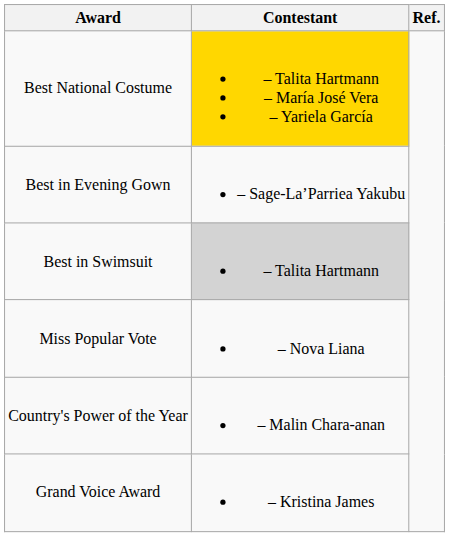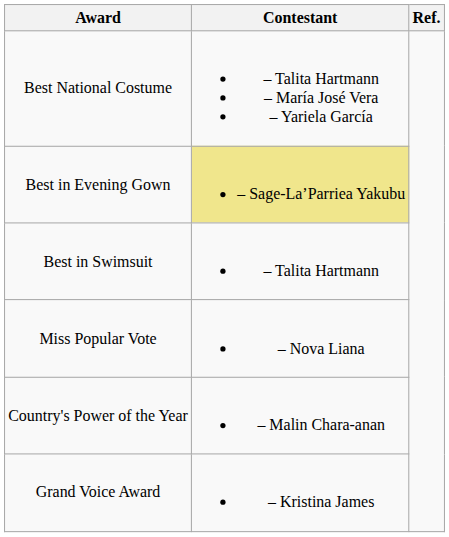 <table class="wikitable" style="font-size: 95%; text-align:center">
 <tr>
 <th>Award</th>
 <th>Contestant</th>
 <th>Ref.</th>
 </tr>
 <tr>
 <td>Best National Costume</td>
-<td style="background: gold;"><br><ul><li> – Talita Hartmann</li><li> – María José Vera</li><li> – Yariela García</li></ul></td>
+<td><br><ul><li> – Talita Hartmann</li><li> – María José Vera</li><li> – Yariela García</li></ul></td>
 <td rowspan="6"></td>
 </tr>
 <tr>
 <td>Best in Evening Gown</td>
-<td><br><ul><li> – Sage-La’Parriea Yakubu</li></ul></td>
+<td style="background: khaki;"><br><ul><li> – Sage-La’Parriea Yakubu</li></ul></td>
 </tr>
 <tr>
 <td>Best in Swimsuit</td>
-<td style="background: lightgrey;"><br><ul><li> – Talita Hartmann</li></ul></td>
+<td><br><ul><li> – Talita Hartmann</li></ul></td>
 </tr>
 <tr>
 <td>Miss Popular Vote</td>
 <td><br><ul><li> – Nova Liana</li></ul></td>
 </tr>
 <tr>
 <td>Country's Power of the Year</td>
 <td><br><ul><li> – Malin Chara-anan</li></ul></td>
 </tr>
 <tr>
 <td>Grand Voice Award</td>
 <td><br><ul><li> – Kristina James</li></ul></td>
 </tr>
 </table>
